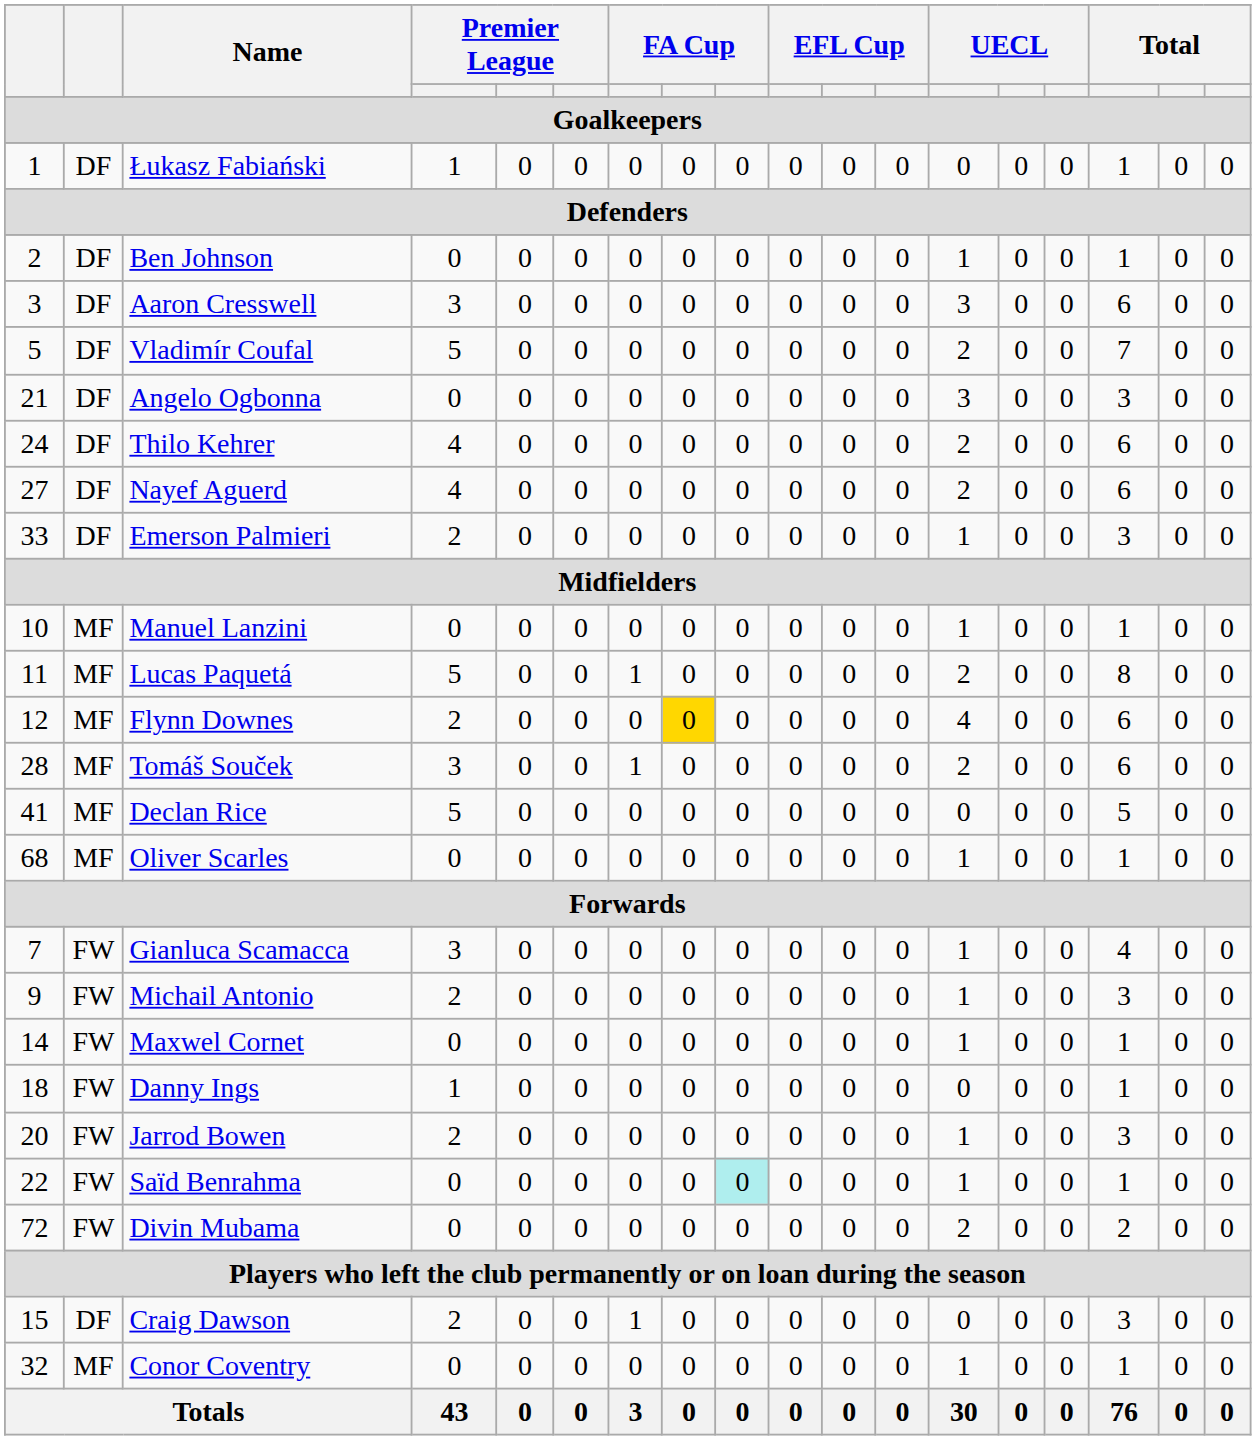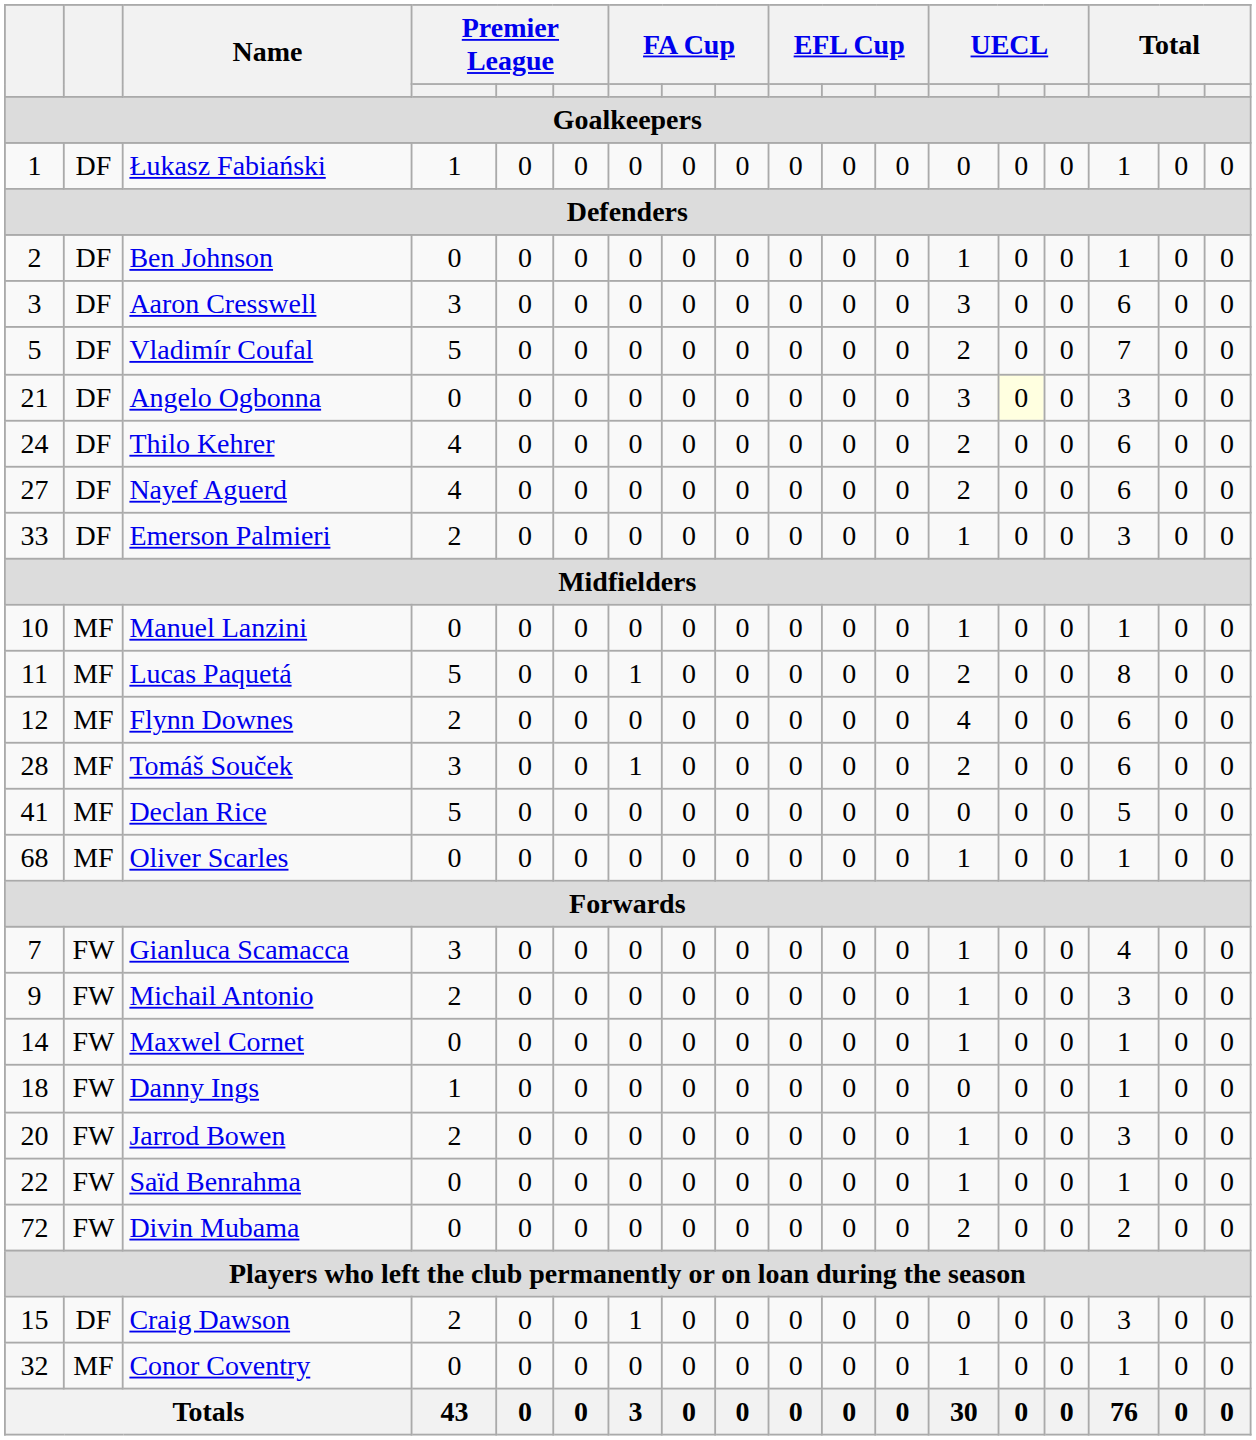 <table class="wikitable sortable" style="font-size: 95%; text-align: center;">
 <tr>
 <th rowspan="2" style="width:25px;"></th>
 <th rowspan="2" style="width:25px;"></th>
 <th rowspan="2" style="width:150px;">Name</th>
 <th colspan="3" style="width:100px;"><a href='#'>Premier League</a></th>
 <th colspan="3" style="width:80px;"><a href='#'>FA Cup</a></th>
 <th colspan="3" style="width:80px;"><a href='#'>EFL Cup</a></th>
 <th colspan="3" style="width:80px;"><a href='#'>UECL</a></th>
 <th colspan="3" style="width:80px;"><strong>Total</strong></th>
 </tr>
 <tr>
 <th></th>
 <th></th>
 <th></th>
 <th></th>
 <th></th>
 <th></th>
 <th></th>
 <th></th>
 <th></th>
 <th></th>
 <th></th>
 <th></th>
 <th></th>
 <th></th>
 <th></th>
 </tr>
 <tr>
 <th colspan="19" style=background:#dcdcdc; text-align:center>Goalkeepers</th>
 </tr>
 <tr>
 <td>1</td>
 <td>DF</td>
 <td align="left"> <a href='#'>Łukasz Fabiański</a></td>
 <td>1</td>
 <td>0</td>
 <td>0</td>
 <td>0</td>
 <td>0</td>
 <td>0</td>
 <td>0</td>
 <td>0</td>
 <td>0</td>
 <td>0</td>
 <td>0</td>
 <td>0</td>
 <td>1</td>
 <td>0</td>
 <td>0</td>
 </tr>
 <tr>
 <th colspan="19" style=background:#dcdcdc; text-align:center>Defenders</th>
 </tr>
 <tr>
 <td>2</td>
 <td>DF</td>
 <td align="left"> <a href='#'>Ben Johnson</a></td>
 <td>0</td>
 <td>0</td>
 <td>0</td>
 <td>0</td>
 <td>0</td>
 <td>0</td>
 <td>0</td>
 <td>0</td>
 <td>0</td>
 <td>1</td>
 <td>0</td>
 <td>0</td>
 <td>1</td>
 <td>0</td>
 <td>0</td>
 </tr>
 <tr>
 <td>3</td>
 <td>DF</td>
 <td align="left"> <a href='#'>Aaron Cresswell</a></td>
 <td>3</td>
 <td>0</td>
 <td>0</td>
 <td>0</td>
 <td>0</td>
 <td>0</td>
 <td>0</td>
 <td>0</td>
 <td>0</td>
 <td>3</td>
 <td>0</td>
 <td>0</td>
 <td>6</td>
 <td>0</td>
 <td>0</td>
 </tr>
 <tr>
 <td>5</td>
 <td>DF</td>
 <td align="left"> <a href='#'>Vladimír Coufal</a></td>
 <td>5</td>
 <td>0</td>
 <td>0</td>
 <td>0</td>
 <td>0</td>
 <td>0</td>
 <td>0</td>
 <td>0</td>
 <td>0</td>
 <td>2</td>
 <td>0</td>
 <td>0</td>
 <td>7</td>
 <td>0</td>
 <td>0</td>
 </tr>
 <tr>
 <td>21</td>
 <td>DF</td>
 <td align="left"> <a href='#'>Angelo Ogbonna</a></td>
 <td>0</td>
 <td>0</td>
 <td>0</td>
 <td>0</td>
 <td>0</td>
 <td>0</td>
 <td>0</td>
 <td>0</td>
 <td>0</td>
 <td>3</td>
-<td>0</td>
+<td style="background: lightyellow;">0</td>
 <td>0</td>
 <td>3</td>
 <td>0</td>
 <td>0</td>
 </tr>
 <tr>
 <td>24</td>
 <td>DF</td>
 <td align="left"> <a href='#'>Thilo Kehrer</a></td>
 <td>4</td>
 <td>0</td>
 <td>0</td>
 <td>0</td>
 <td>0</td>
 <td>0</td>
 <td>0</td>
 <td>0</td>
 <td>0</td>
 <td>2</td>
 <td>0</td>
 <td>0</td>
 <td>6</td>
 <td>0</td>
 <td>0</td>
 </tr>
 <tr>
 <td>27</td>
 <td>DF</td>
 <td align="left"> <a href='#'>Nayef Aguerd</a></td>
 <td>4</td>
 <td>0</td>
 <td>0</td>
 <td>0</td>
 <td>0</td>
 <td>0</td>
 <td>0</td>
 <td>0</td>
 <td>0</td>
 <td>2</td>
 <td>0</td>
 <td>0</td>
 <td>6</td>
 <td>0</td>
 <td>0</td>
 </tr>
 <tr>
 <td>33</td>
 <td>DF</td>
 <td align="left"> <a href='#'>Emerson Palmieri</a></td>
 <td>2</td>
 <td>0</td>
 <td>0</td>
 <td>0</td>
 <td>0</td>
 <td>0</td>
 <td>0</td>
 <td>0</td>
 <td>0</td>
 <td>1</td>
 <td>0</td>
 <td>0</td>
 <td>3</td>
 <td>0</td>
 <td>0</td>
 </tr>
 <tr>
 <th colspan="19" style=background:#dcdcdc; text-align:center>Midfielders</th>
 </tr>
 <tr>
 <td>10</td>
 <td>MF</td>
 <td align="left"> <a href='#'>Manuel Lanzini</a></td>
 <td>0</td>
 <td>0</td>
 <td>0</td>
 <td>0</td>
 <td>0</td>
 <td>0</td>
 <td>0</td>
 <td>0</td>
 <td>0</td>
 <td>1</td>
 <td>0</td>
 <td>0</td>
 <td>1</td>
 <td>0</td>
 <td>0</td>
 </tr>
 <tr>
 <td>11</td>
 <td>MF</td>
 <td align="left"> <a href='#'>Lucas Paquetá</a></td>
 <td>5</td>
 <td>0</td>
 <td>0</td>
 <td>1</td>
 <td>0</td>
 <td>0</td>
 <td>0</td>
 <td>0</td>
 <td>0</td>
 <td>2</td>
 <td>0</td>
 <td>0</td>
 <td>8</td>
 <td>0</td>
 <td>0</td>
 </tr>
 <tr>
 <td>12</td>
 <td>MF</td>
 <td align="left"> <a href='#'>Flynn Downes</a></td>
 <td>2</td>
 <td>0</td>
 <td>0</td>
 <td>0</td>
-<td style="background: gold;">0</td>
+<td>0</td>
 <td>0</td>
 <td>0</td>
 <td>0</td>
 <td>0</td>
 <td>4</td>
 <td>0</td>
 <td>0</td>
 <td>6</td>
 <td>0</td>
 <td>0</td>
 </tr>
 <tr>
 <td>28</td>
 <td>MF</td>
 <td align="left"> <a href='#'>Tomáš Souček</a></td>
 <td>3</td>
 <td>0</td>
 <td>0</td>
 <td>1</td>
 <td>0</td>
 <td>0</td>
 <td>0</td>
 <td>0</td>
 <td>0</td>
 <td>2</td>
 <td>0</td>
 <td>0</td>
 <td>6</td>
 <td>0</td>
 <td>0</td>
 </tr>
 <tr>
 <td>41</td>
 <td>MF</td>
 <td align="left"> <a href='#'>Declan Rice</a></td>
 <td>5</td>
 <td>0</td>
 <td>0</td>
 <td>0</td>
 <td>0</td>
 <td>0</td>
 <td>0</td>
 <td>0</td>
 <td>0</td>
 <td>0</td>
 <td>0</td>
 <td>0</td>
 <td>5</td>
 <td>0</td>
 <td>0</td>
 </tr>
 <tr>
 <td>68</td>
 <td>MF</td>
 <td align="left"> <a href='#'>Oliver Scarles</a></td>
 <td>0</td>
 <td>0</td>
 <td>0</td>
 <td>0</td>
 <td>0</td>
 <td>0</td>
 <td>0</td>
 <td>0</td>
 <td>0</td>
 <td>1</td>
 <td>0</td>
 <td>0</td>
 <td>1</td>
 <td>0</td>
 <td>0</td>
 </tr>
 <tr>
 <th colspan="19" style=background:#dcdcdc; text-align:center>Forwards</th>
 </tr>
 <tr>
 <td>7</td>
 <td>FW</td>
 <td align="left"> <a href='#'>Gianluca Scamacca</a></td>
 <td>3</td>
 <td>0</td>
 <td>0</td>
 <td>0</td>
 <td>0</td>
 <td>0</td>
 <td>0</td>
 <td>0</td>
 <td>0</td>
 <td>1</td>
 <td>0</td>
 <td>0</td>
 <td>4</td>
 <td>0</td>
 <td>0</td>
 </tr>
 <tr>
 <td>9</td>
 <td>FW</td>
 <td align="left"> <a href='#'>Michail Antonio</a></td>
 <td>2</td>
 <td>0</td>
 <td>0</td>
 <td>0</td>
 <td>0</td>
 <td>0</td>
 <td>0</td>
 <td>0</td>
 <td>0</td>
 <td>1</td>
 <td>0</td>
 <td>0</td>
 <td>3</td>
 <td>0</td>
 <td>0</td>
 </tr>
 <tr>
 <td>14</td>
 <td>FW</td>
 <td align="left"> <a href='#'>Maxwel Cornet</a></td>
 <td>0</td>
 <td>0</td>
 <td>0</td>
 <td>0</td>
 <td>0</td>
 <td>0</td>
 <td>0</td>
 <td>0</td>
 <td>0</td>
 <td>1</td>
 <td>0</td>
 <td>0</td>
 <td>1</td>
 <td>0</td>
 <td>0</td>
 </tr>
 <tr>
 <td>18</td>
 <td>FW</td>
 <td align="left"> <a href='#'>Danny Ings</a></td>
 <td>1</td>
 <td>0</td>
 <td>0</td>
 <td>0</td>
 <td>0</td>
 <td>0</td>
 <td>0</td>
 <td>0</td>
 <td>0</td>
 <td>0</td>
 <td>0</td>
 <td>0</td>
 <td>1</td>
 <td>0</td>
 <td>0</td>
 </tr>
 <tr>
 <td>20</td>
 <td>FW</td>
 <td align="left"> <a href='#'>Jarrod Bowen</a></td>
 <td>2</td>
 <td>0</td>
 <td>0</td>
 <td>0</td>
 <td>0</td>
 <td>0</td>
 <td>0</td>
 <td>0</td>
 <td>0</td>
 <td>1</td>
 <td>0</td>
 <td>0</td>
 <td>3</td>
 <td>0</td>
 <td>0</td>
 </tr>
 <tr>
 <td>22</td>
 <td>FW</td>
 <td align="left"> <a href='#'>Saïd Benrahma</a></td>
 <td>0</td>
 <td>0</td>
 <td>0</td>
 <td>0</td>
 <td>0</td>
-<td style="background: paleturquoise;">0</td>
+<td>0</td>
 <td>0</td>
 <td>0</td>
 <td>0</td>
 <td>1</td>
 <td>0</td>
 <td>0</td>
 <td>1</td>
 <td>0</td>
 <td>0</td>
 </tr>
 <tr>
 <td>72</td>
 <td>FW</td>
 <td align="left"> <a href='#'>Divin Mubama</a></td>
 <td>0</td>
 <td>0</td>
 <td>0</td>
 <td>0</td>
 <td>0</td>
 <td>0</td>
 <td>0</td>
 <td>0</td>
 <td>0</td>
 <td>2</td>
 <td>0</td>
 <td>0</td>
 <td>2</td>
 <td>0</td>
 <td>0</td>
 </tr>
 <tr>
 <th colspan="19" style=background:#dcdcdc; text-align:center>Players who left the club permanently or on loan during the season</th>
 </tr>
 <tr>
 <td>15</td>
 <td>DF</td>
 <td align="left"> <a href='#'>Craig Dawson</a></td>
 <td>2</td>
 <td>0</td>
 <td>0</td>
 <td>1</td>
 <td>0</td>
 <td>0</td>
 <td>0</td>
 <td>0</td>
 <td>0</td>
 <td>0</td>
 <td>0</td>
 <td>0</td>
 <td>3</td>
 <td>0</td>
 <td>0</td>
 </tr>
 <tr>
 <td>32</td>
 <td>MF</td>
 <td align="left"> <a href='#'>Conor Coventry</a></td>
 <td>0</td>
 <td>0</td>
 <td>0</td>
 <td>0</td>
 <td>0</td>
 <td>0</td>
 <td>0</td>
 <td>0</td>
 <td>0</td>
 <td>1</td>
 <td>0</td>
 <td>0</td>
 <td>1</td>
 <td>0</td>
 <td>0</td>
 </tr>
 <tr>
 <th colspan=3><strong>Totals</strong></th>
 <th>43</th>
 <th>0</th>
 <th>0</th>
 <th>3</th>
 <th>0</th>
 <th>0</th>
 <th>0</th>
 <th>0</th>
 <th>0</th>
 <th>30</th>
 <th>0</th>
 <th>0</th>
 <th>76</th>
 <th>0</th>
 <th>0</th>
 </tr>
 </table>
